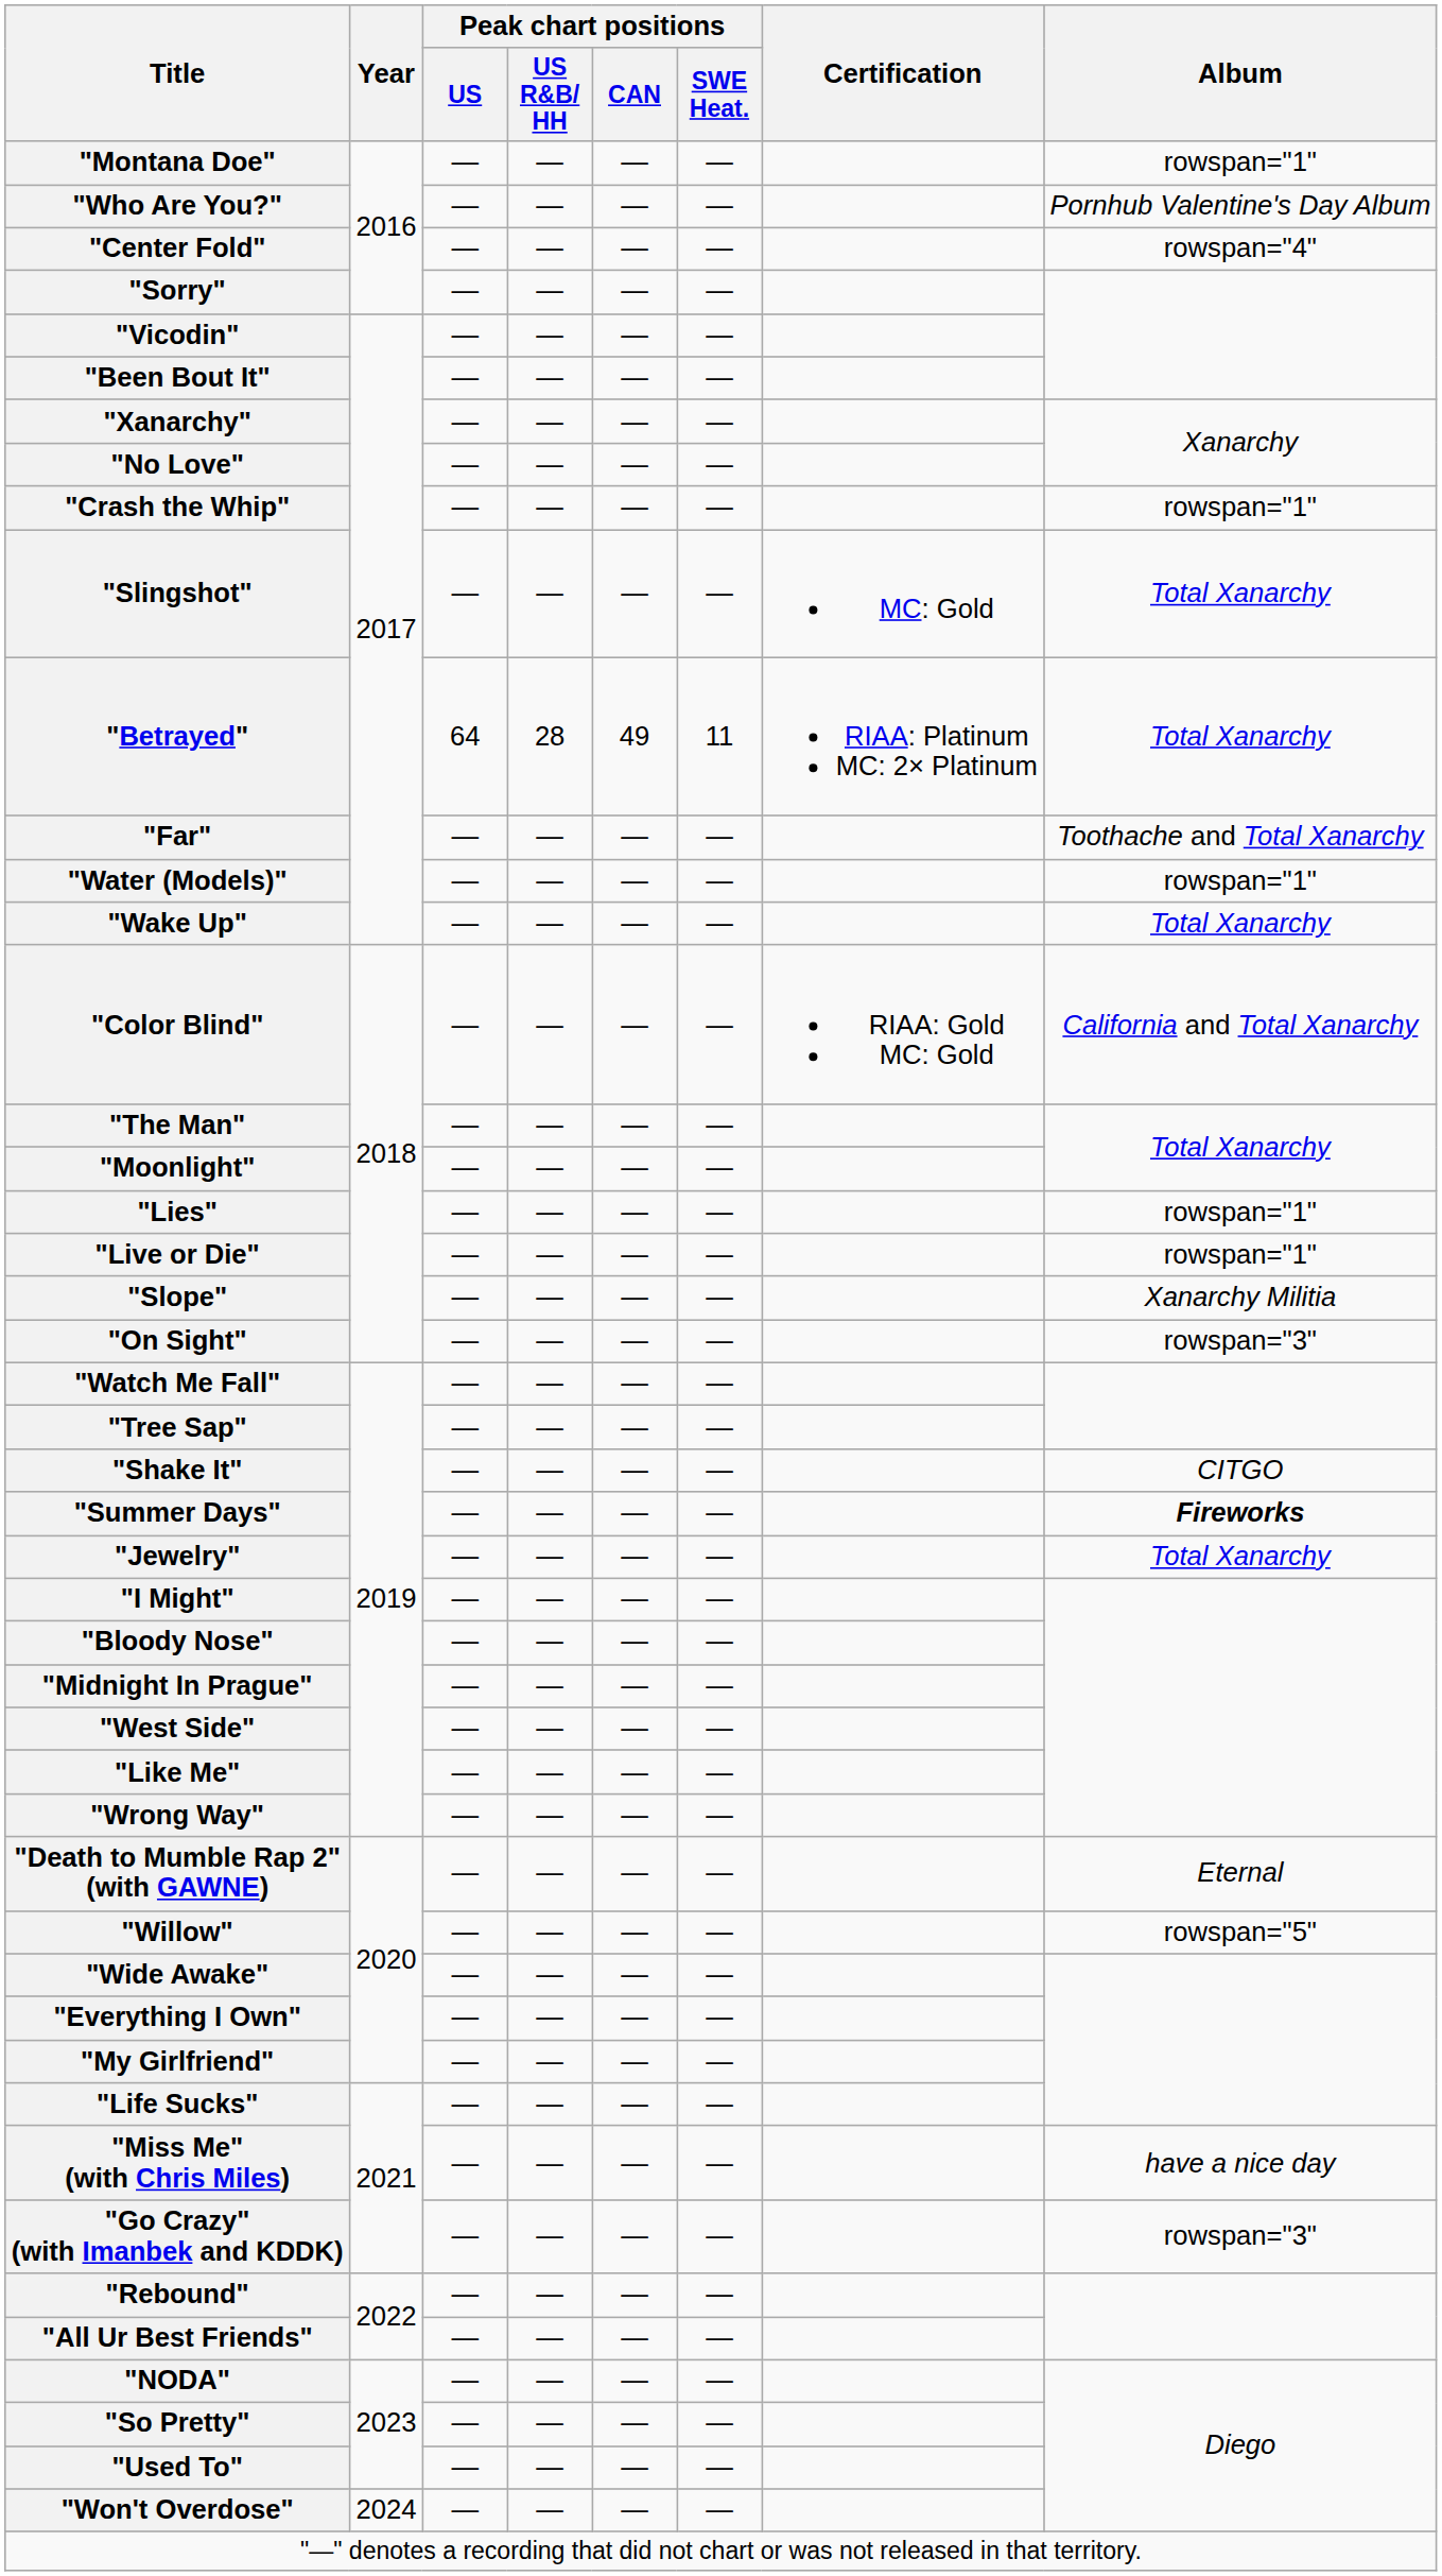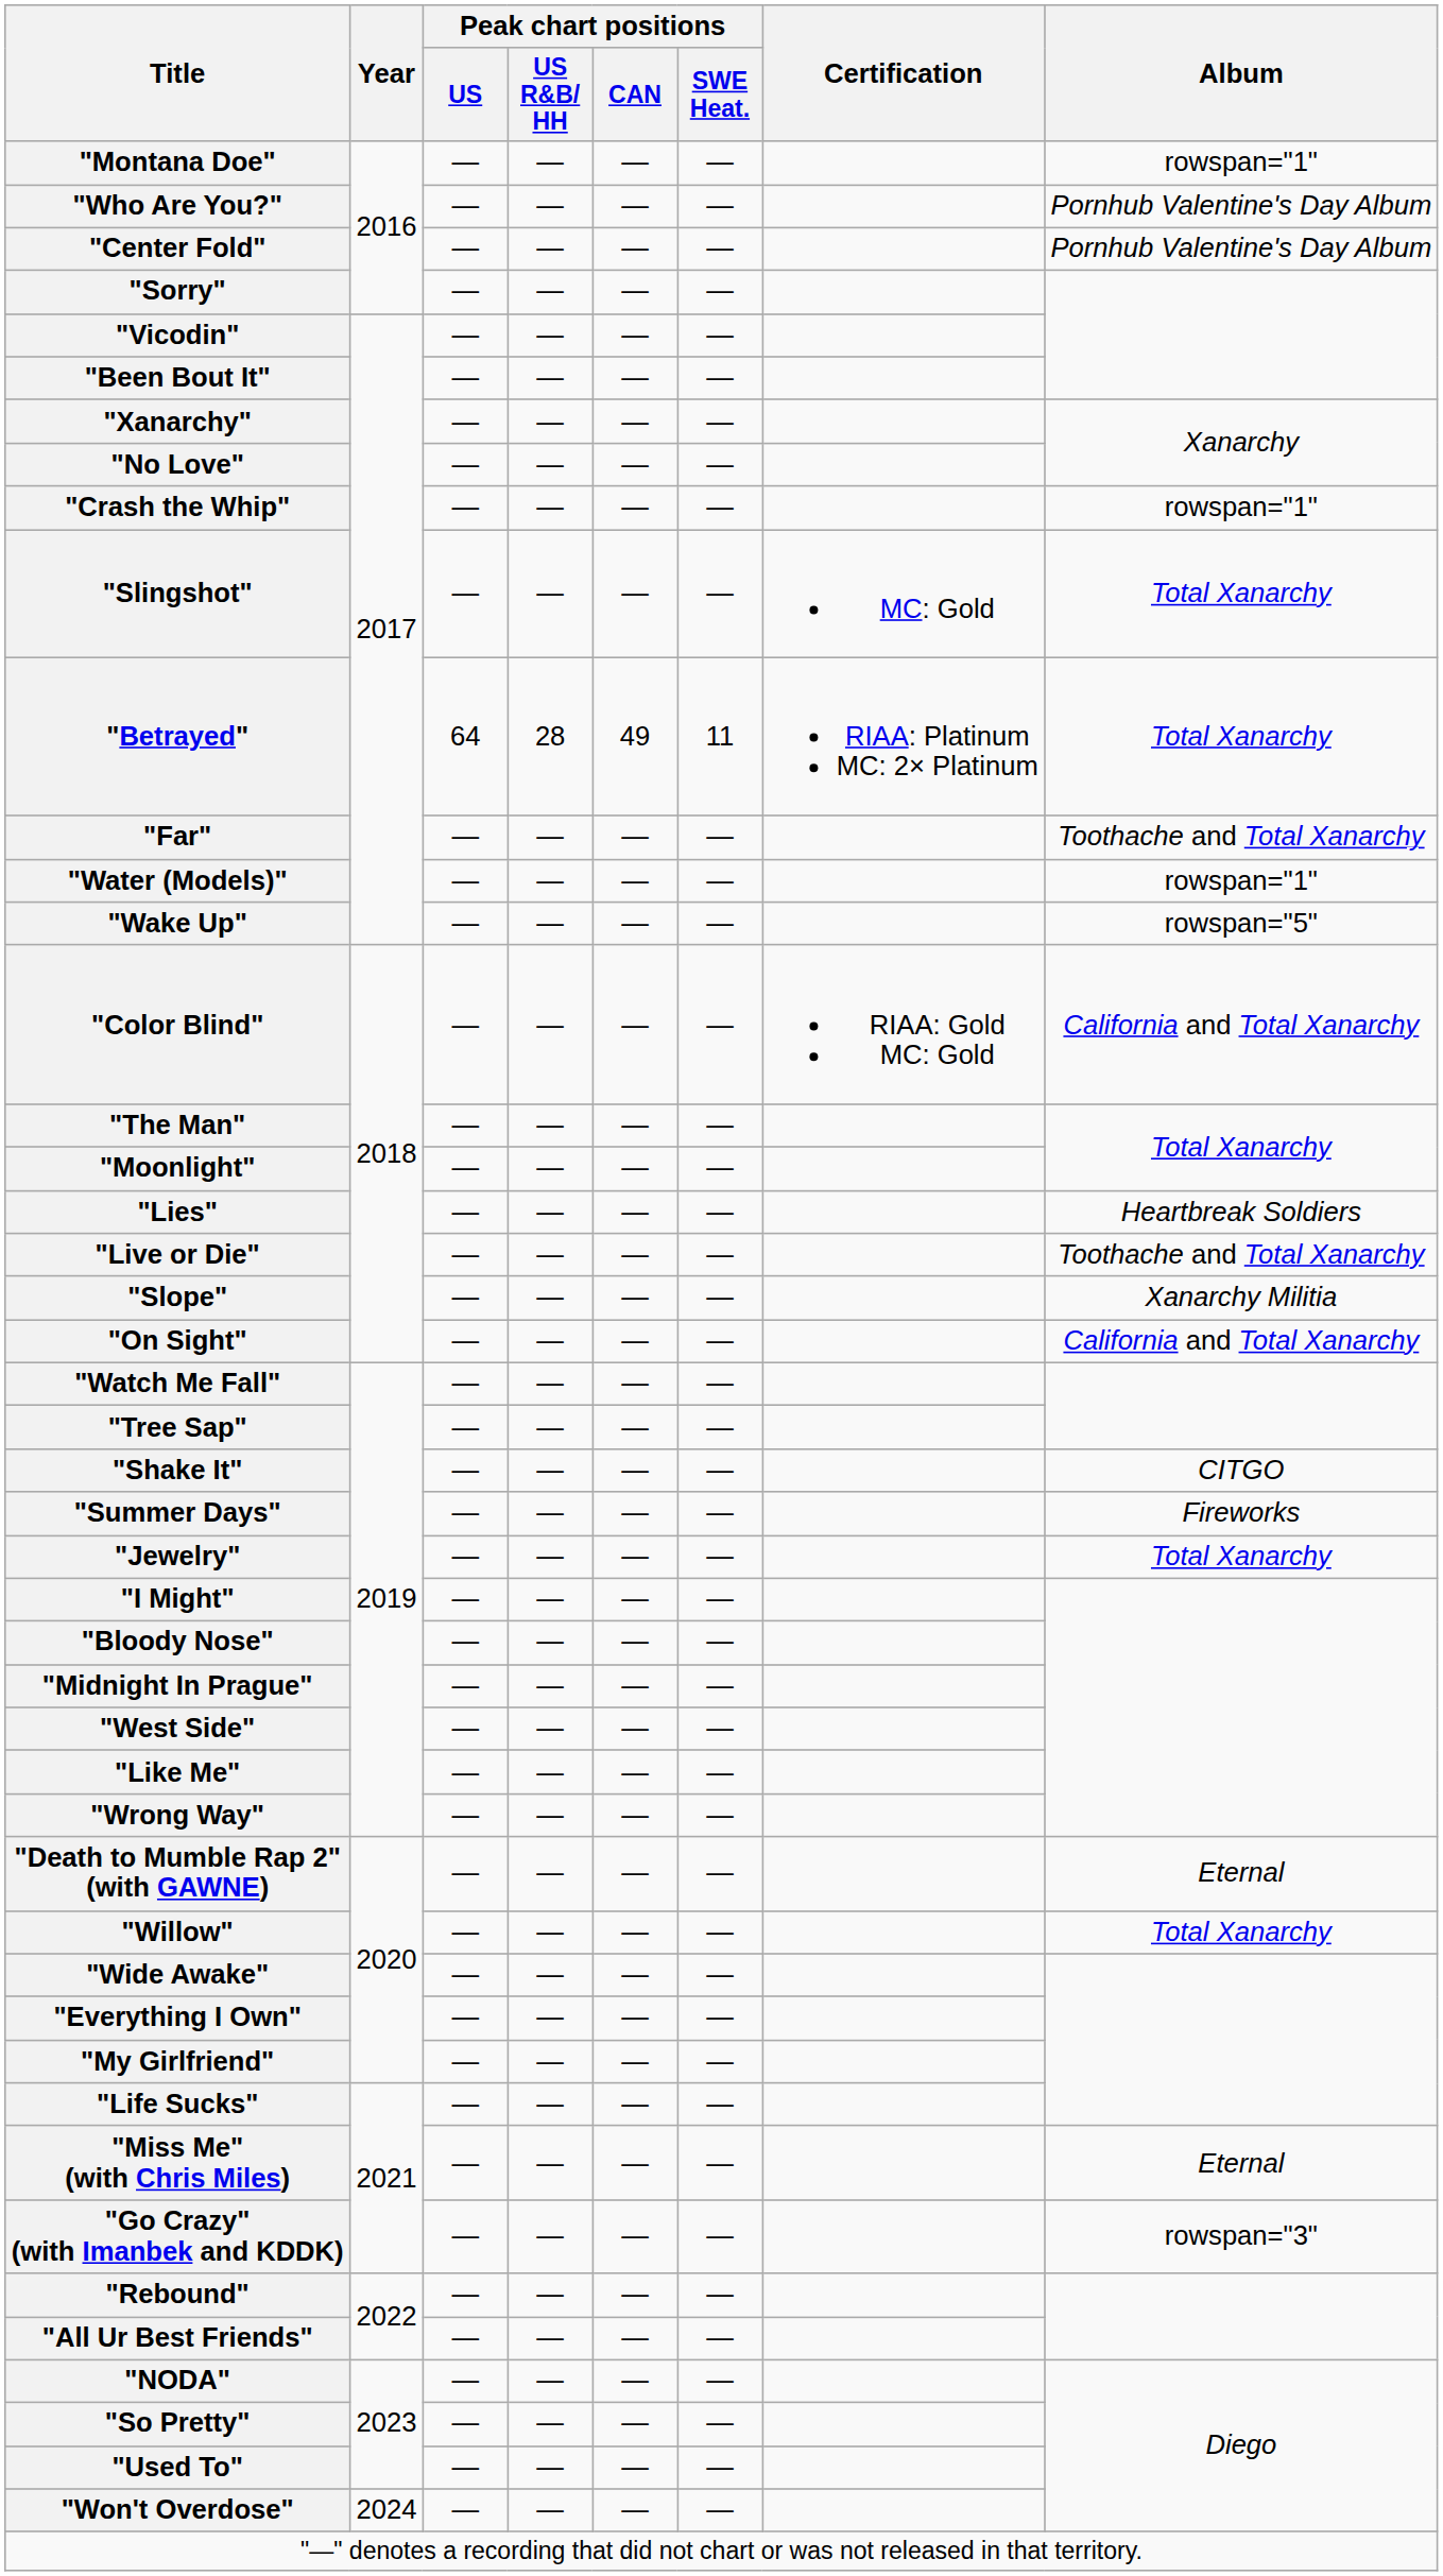 <table class="wikitable plainrowheaders" style="text-align: center;">
 <tr>
 <th scope="col" rowspan="2">Title</th>
 <th scope="col" rowspan="2">Year</th>
 <th scope="col" colspan="4">Peak chart positions</th>
 <th scope="col" rowspan="2">Certification</th>
 <th scope="col" rowspan="2">Album</th>
 </tr>
 <tr>
 <th scope="col" style="width:3em;font-size:90%;"><a href='#'>US</a><br></th>
 <th scope="col" style="width:3em;font-size:90%;"><a href='#'>US<br>R&B/<br>HH</a><br></th>
 <th scope="col" style="width:3em;font-size:90%;"><a href='#'>CAN</a><br></th>
 <th scope="col" style="width:3em;font-size:90%;"><a href='#'>SWE<br>Heat.</a><br></th>
 </tr>
 <tr>
 <th scope="row">"Montana Doe"</th>
 <td rowspan="4">2016</td>
 <td>—</td>
 <td>—</td>
 <td>—</td>
 <td>—</td>
 <td></td>
 <td>rowspan="1" </td>
 </tr>
 <tr>
 <th scope="row">"Who Are You?"<br></th>
 <td>—</td>
 <td>—</td>
 <td>—</td>
 <td>—</td>
 <td></td>
 <td rowspan="1"><em>Pornhub Valentine's Day Album</em></td>
 </tr>
 <tr>
 <th scope="row">"Center Fold"<br></th>
 <td>—</td>
 <td>—</td>
 <td>—</td>
 <td>—</td>
 <td></td>
-<td>rowspan="4" </td>
+<td rowspan="1"><em>Pornhub Valentine's Day Album</em></td>
 </tr>
 <tr>
 <th scope="row">"Sorry"<br></th>
 <td>—</td>
 <td>—</td>
 <td>—</td>
 <td>—</td>
 <td></td>
 </tr>
 <tr>
 <th scope="row">"Vicodin"<br></th>
 <td rowspan="10">2017</td>
 <td>—</td>
 <td>—</td>
 <td>—</td>
 <td>—</td>
 <td></td>
 </tr>
 <tr>
 <th scope="row">"Been Bout It"</th>
 <td>—</td>
 <td>—</td>
 <td>—</td>
 <td>—</td>
 <td></td>
 </tr>
 <tr>
 <th scope="row">"Xanarchy"</th>
 <td>—</td>
 <td>—</td>
 <td>—</td>
 <td>—</td>
 <td></td>
 <td rowspan="2"><em>Xanarchy</em></td>
 </tr>
 <tr>
 <th scope="row">"No Love"</th>
 <td>—</td>
 <td>—</td>
 <td>—</td>
 <td>—</td>
 <td></td>
 </tr>
 <tr>
 <th scope="row">"Crash the Whip"<br></th>
 <td>—</td>
 <td>—</td>
 <td>—</td>
 <td>—</td>
 <td></td>
 <td>rowspan="1" </td>
 </tr>
 <tr>
 <th scope="row">"Slingshot"</th>
 <td>—</td>
 <td>—</td>
 <td>—</td>
 <td>—</td>
 <td><br><ul><li><a href='#'>MC</a>: Gold</li></ul></td>
 <td rowspan="1"><em><a href='#'>Total Xanarchy</a></em></td>
 </tr>
 <tr>
 <th scope="row">"<a href='#'>Betrayed</a>"</th>
 <td>64</td>
 <td>28</td>
 <td>49</td>
 <td>11</td>
 <td><br><ul><li><a href='#'>RIAA</a>: Platinum</li><li>MC: 2× Platinum</li></ul></td>
 <td rowspan="1"><em><a href='#'>Total Xanarchy</a></em></td>
 </tr>
 <tr>
 <th scope="row">"Far"</th>
 <td>—</td>
 <td>—</td>
 <td>—</td>
 <td>—</td>
 <td></td>
 <td rowspan="1"><em>Toothache</em> and <em><a href='#'>Total Xanarchy</a></em></td>
 </tr>
 <tr>
 <th scope="row">"Water (Models)"<br></th>
 <td>—</td>
 <td>—</td>
 <td>—</td>
 <td>—</td>
 <td></td>
 <td>rowspan="1" </td>
 </tr>
 <tr>
 <th scope="row">"Wake Up"</th>
 <td>—</td>
 <td>—</td>
 <td>—</td>
 <td>—</td>
 <td></td>
-<td rowspan="1"><em><a href='#'>Total Xanarchy</a></em></td>
+<td>rowspan="5" </td>
 </tr>
 <tr>
 <th scope="row">"Color Blind"<br></th>
 <td rowspan="7">2018</td>
 <td>—</td>
 <td>—</td>
 <td>—</td>
 <td>—</td>
 <td><br><ul><li>RIAA: Gold</li><li>MC: Gold</li></ul></td>
 <td rowspan="1"><em><a href='#'>California</a></em> and <em><a href='#'>Total Xanarchy</a></em></td>
 </tr>
 <tr>
 <th scope="row">"The Man"<br></th>
 <td>—</td>
 <td>—</td>
 <td>—</td>
 <td>—</td>
 <td></td>
 <td rowspan="2"><em><a href='#'>Total Xanarchy</a></em></td>
 </tr>
 <tr>
 <th scope="row">"Moonlight"<br></th>
 <td>—</td>
 <td>—</td>
 <td>—</td>
 <td>—</td>
 <td></td>
 </tr>
 <tr>
 <th scope="row">"Lies"<br></th>
 <td>—</td>
 <td>—</td>
 <td>—</td>
 <td>—</td>
 <td></td>
-<td>rowspan="1" </td>
+<td rowspan="1"><em>Heartbreak Soldiers</em></td>
 </tr>
 <tr>
 <th scope="row">"Live or Die"<br></th>
 <td>—</td>
 <td>—</td>
 <td>—</td>
 <td>—</td>
 <td></td>
-<td>rowspan="1" </td>
+<td rowspan="1"><em>Toothache</em> and <em><a href='#'>Total Xanarchy</a></em></td>
 </tr>
 <tr>
 <th scope="row">"Slope"</th>
 <td>—</td>
 <td>—</td>
 <td>—</td>
 <td>—</td>
 <td></td>
 <td rowspan="1"><em>Xanarchy Militia</em></td>
 </tr>
 <tr>
 <th scope="row">"On Sight"<br></th>
 <td>—</td>
 <td>—</td>
 <td>—</td>
 <td>—</td>
 <td></td>
-<td>rowspan="3" </td>
+<td rowspan="1"><em><a href='#'>California</a></em> and <em><a href='#'>Total Xanarchy</a></em></td>
 </tr>
 <tr>
 <th scope="row">"Watch Me Fall"</th>
 <td rowspan="11">2019</td>
 <td>—</td>
 <td>—</td>
 <td>—</td>
 <td>—</td>
 <td></td>
 </tr>
 <tr>
 <th scope="row">"Tree Sap"</th>
 <td>—</td>
 <td>—</td>
 <td>—</td>
 <td>—</td>
 <td></td>
 </tr>
 <tr>
 <th scope="row">"Shake It"</th>
 <td>—</td>
 <td>—</td>
 <td>—</td>
 <td>—</td>
 <td></td>
 <td><em>CITGO</em></td>
 </tr>
 <tr>
 <th scope="row">"Summer Days"</th>
 <td>—</td>
 <td>—</td>
 <td>—</td>
 <td>—</td>
 <td></td>
-<td rowspan="1"><strong><em>Fireworks</em></strong></td>
+<td rowspan="1"><em>Fireworks</em></td>
 </tr>
 <tr>
 <th scope="row">"Jewelry"<br></th>
 <td>—</td>
 <td>—</td>
 <td>—</td>
 <td>—</td>
 <td></td>
 <td rowspan="1"><em><a href='#'>Total Xanarchy</a></em></td>
 </tr>
 <tr>
 <th scope="row">"I Might"<br></th>
 <td>—</td>
 <td>—</td>
 <td>—</td>
 <td>—</td>
 <td></td>
 </tr>
 <tr>
 <th scope="row">"Bloody Nose"</th>
 <td>—</td>
 <td>—</td>
 <td>—</td>
 <td>—</td>
 <td></td>
 </tr>
 <tr>
 <th scope="row">"Midnight In Prague"</th>
 <td>—</td>
 <td>—</td>
 <td>—</td>
 <td>—</td>
 <td></td>
 </tr>
 <tr>
 <th scope="row">"West Side"</th>
 <td>—</td>
 <td>—</td>
 <td>—</td>
 <td>—</td>
 <td></td>
 </tr>
 <tr>
 <th scope="row">"Like Me"</th>
 <td>—</td>
 <td>—</td>
 <td>—</td>
 <td>—</td>
 <td></td>
 </tr>
 <tr>
 <th scope="row">"Wrong Way"<br></th>
 <td>—</td>
 <td>—</td>
 <td>—</td>
 <td>—</td>
 <td></td>
 </tr>
 <tr>
 <th scope="row">"Death to Mumble Rap 2"<br><span>(with <a href='#'>GAWNE</a>)</span></th>
 <td rowspan="5">2020</td>
 <td>—</td>
 <td>—</td>
 <td>—</td>
 <td>—</td>
 <td></td>
 <td><em>Eternal</em></td>
 </tr>
 <tr>
 <th scope="row">"Willow"</th>
 <td>—</td>
 <td>—</td>
 <td>—</td>
 <td>—</td>
 <td></td>
-<td>rowspan="5" </td>
+<td rowspan="1"><em><a href='#'>Total Xanarchy</a></em></td>
 </tr>
 <tr>
 <th scope="row">"Wide Awake"</th>
 <td>—</td>
 <td>—</td>
 <td>—</td>
 <td>—</td>
 <td></td>
 </tr>
 <tr>
 <th scope="row">"Everything I Own"</th>
 <td>—</td>
 <td>—</td>
 <td>—</td>
 <td>—</td>
 <td></td>
 </tr>
 <tr>
 <th scope="row">"My Girlfriend"</th>
 <td>—</td>
 <td>—</td>
 <td>—</td>
 <td>—</td>
 <td></td>
 </tr>
 <tr>
 <th scope="row">"Life Sucks"</th>
 <td rowspan="3">2021</td>
 <td>—</td>
 <td>—</td>
 <td>—</td>
 <td>—</td>
 <td></td>
 </tr>
 <tr>
 <th scope="row">"Miss Me"<br><span>(with <a href='#'>Chris Miles</a>)</span></th>
 <td>—</td>
 <td>—</td>
 <td>—</td>
 <td>—</td>
 <td></td>
-<td><em>have a nice day</em></td>
+<td><em>Eternal</em></td>
 </tr>
 <tr>
 <th scope="row">"Go Crazy" <br><span>(with <a href='#'>Imanbek</a> and KDDK)</span></th>
 <td>—</td>
 <td>—</td>
 <td>—</td>
 <td>—</td>
 <td></td>
 <td>rowspan="3" </td>
 </tr>
 <tr>
 <th scope="row">"Rebound"<br></th>
 <td rowspan="2">2022</td>
 <td>—</td>
 <td>—</td>
 <td>—</td>
 <td>—</td>
 <td></td>
 </tr>
 <tr>
 <th scope="row">"All Ur Best Friends" <br></th>
 <td>—</td>
 <td>—</td>
 <td>—</td>
 <td>—</td>
 <td></td>
 </tr>
 <tr>
 <th scope="row">"NODA"</th>
 <td rowspan="3">2023</td>
 <td>—</td>
 <td>—</td>
 <td>—</td>
 <td>—</td>
 <td></td>
 <td rowspan="4"><em>Diego</em></td>
 </tr>
 <tr>
 <th scope="row">"So Pretty"</th>
 <td>—</td>
 <td>—</td>
 <td>—</td>
 <td>—</td>
 <td></td>
 </tr>
 <tr>
 <th scope="row">"Used To"</th>
 <td>—</td>
 <td>—</td>
 <td>—</td>
 <td>—</td>
 <td></td>
 </tr>
 <tr>
 <th scope="row">"Won't Overdose"</th>
 <td>2024</td>
 <td>—</td>
 <td>—</td>
 <td>—</td>
 <td>—</td>
 <td></td>
 </tr>
 <tr>
 <td style="font-size:90%" colspan="13">"—" denotes a recording that did not chart or was not released in that territory.</td>
 </tr>
 </table>
